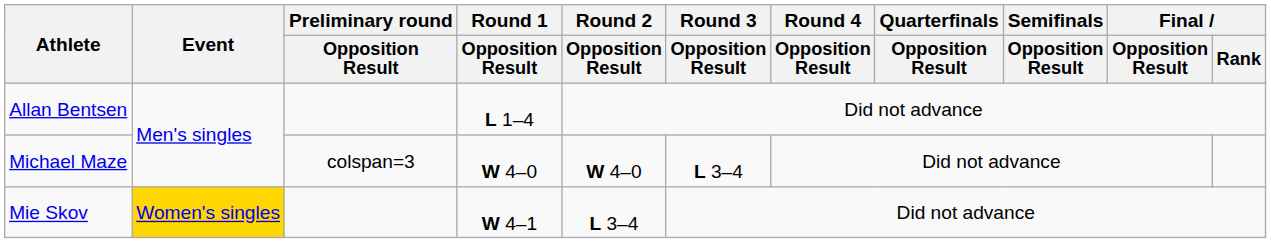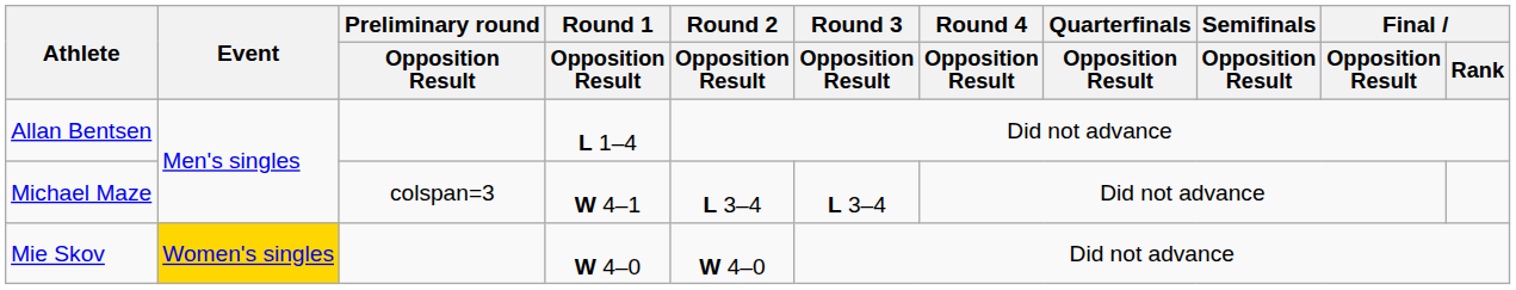 <table class="wikitable" style="font-size:90%">
 <tr>
 <th rowspan="2">Athlete</th>
 <th rowspan="2">Event</th>
 <th>Preliminary round</th>
 <th>Round 1</th>
 <th>Round 2</th>
 <th>Round 3</th>
 <th>Round 4</th>
 <th>Quarterfinals</th>
 <th>Semifinals</th>
 <th colspan=2>Final / </th>
 </tr>
 <tr style="font-size:95%">
 <th>Opposition<br>Result</th>
 <th>Opposition<br>Result</th>
 <th>Opposition<br>Result</th>
 <th>Opposition<br>Result</th>
 <th>Opposition<br>Result</th>
 <th>Opposition<br>Result</th>
 <th>Opposition<br>Result</th>
 <th>Opposition<br>Result</th>
 <th>Rank</th>
 </tr>
 <tr align=center>
 <td align=left><a href='#'>Allan Bentsen</a></td>
 <td align=left rowspan=2><a href='#'>Men's singles</a></td>
 <td></td>
 <td><br><strong>L</strong> 1–4</td>
 <td colspan=7>Did not advance</td>
 </tr>
 <tr align=center>
 <td align=left><a href='#'>Michael Maze</a></td>
 <td>colspan=3 </td>
-<td><br><strong>W</strong> 4–0</td>
-<td><br><strong>W</strong> 4–0</td>
+<td><br><strong>W</strong> 4–1</td>
+<td><br><strong>L</strong> 3–4</td>
 <td><br><strong>L</strong> 3–4</td>
 <td colspan=4>Did not advance</td>
 </tr>
 <tr align=center>
 <td align=left><a href='#'>Mie Skov</a></td>
 <td align=left style="background: gold;"><a href='#'>Women's singles</a></td>
 <td></td>
-<td><br><strong>W</strong> 4–1</td>
-<td><br><strong>L</strong> 3–4</td>
+<td><br><strong>W</strong> 4–0</td>
+<td><br><strong>W</strong> 4–0</td>
 <td colspan=6>Did not advance</td>
 </tr>
 </table>
